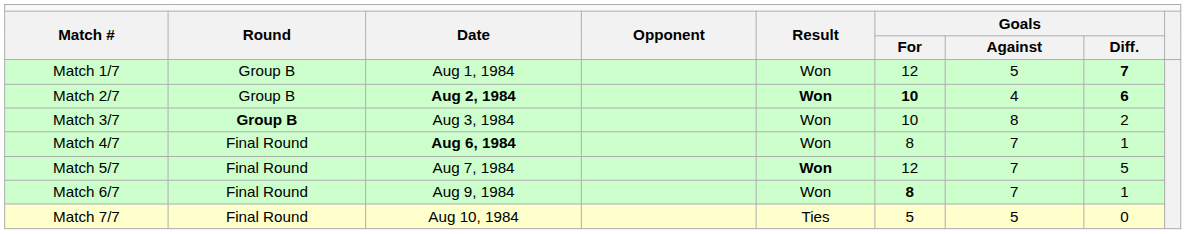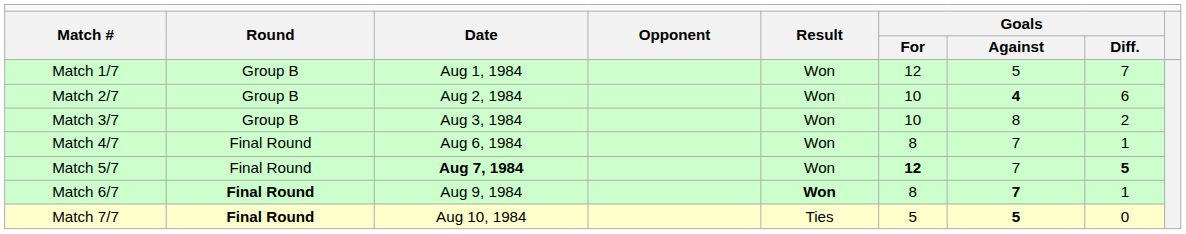 <table class="wikitable" style="text-align: center; width: 98%; font-size: 100%; margin-left: 1em;">
 <tr>
 <td colspan="10"></td>
 </tr>
 <tr>
 <th rowspan="2">Match #</th>
 <th rowspan="2">Round</th>
 <th rowspan="2">Date</th>
 <th rowspan="2">Opponent</th>
 <th rowspan="2">Result</th>
 <th colspan="3">Goals</th>
 <th rowspan="2"></th>
 </tr>
 <tr>
 <th>For</th>
 <th>Against</th>
 <th>Diff.</th>
 </tr>
 <tr style="background: #cfc;">
 <td>Match 1/7</td>
 <td>Group B</td>
 <td>Aug 1, 1984</td>
 <td></td>
 <td>Won</td>
 <td>12</td>
 <td>5</td>
-<td><strong>7</strong></td>
+<td>7</td>
 <td rowspan="7" style="background: #f2f2f2;"></td>
 </tr>
 <tr style="background: #cfc;">
 <td>Match 2/7</td>
 <td>Group B</td>
-<td><strong>Aug 2, 1984</strong></td>
+<td>Aug 2, 1984</td>
 <td></td>
-<td><strong>Won</strong></td>
-<td><strong>10</strong></td>
-<td>4</td>
-<td><strong>6</strong></td>
+<td>Won</td>
+<td>10</td>
+<td><strong>4</strong></td>
+<td>6</td>
 </tr>
 <tr style="background: #cfc;">
 <td>Match 3/7</td>
-<td><strong>Group B</strong></td>
+<td>Group B</td>
 <td>Aug 3, 1984</td>
 <td></td>
 <td>Won</td>
 <td>10</td>
 <td>8</td>
 <td>2</td>
 </tr>
 <tr style="background: #cfc;">
 <td>Match 4/7</td>
 <td>Final Round</td>
-<td><strong>Aug 6, 1984</strong></td>
+<td>Aug 6, 1984</td>
 <td></td>
 <td>Won</td>
 <td>8</td>
 <td>7</td>
 <td>1</td>
 </tr>
 <tr style="background: #cfc;">
 <td>Match 5/7</td>
 <td>Final Round</td>
-<td>Aug 7, 1984</td>
+<td><strong>Aug 7, 1984</strong></td>
 <td></td>
-<td><strong>Won</strong></td>
-<td>12</td>
+<td>Won</td>
+<td><strong>12</strong></td>
 <td>7</td>
-<td>5</td>
+<td><strong>5</strong></td>
 </tr>
 <tr style="background: #cfc;">
 <td>Match 6/7</td>
-<td>Final Round</td>
+<td><strong>Final Round</strong></td>
 <td>Aug 9, 1984</td>
 <td></td>
-<td>Won</td>
-<td><strong>8</strong></td>
-<td>7</td>
+<td><strong>Won</strong></td>
+<td>8</td>
+<td><strong>7</strong></td>
 <td>1</td>
 </tr>
 <tr style="background: #ffc;">
 <td>Match 7/7</td>
-<td>Final Round</td>
+<td><strong>Final Round</strong></td>
 <td>Aug 10, 1984</td>
 <td></td>
 <td>Ties</td>
 <td>5</td>
-<td>5</td>
+<td><strong>5</strong></td>
 <td>0</td>
 </tr>
 </table>
